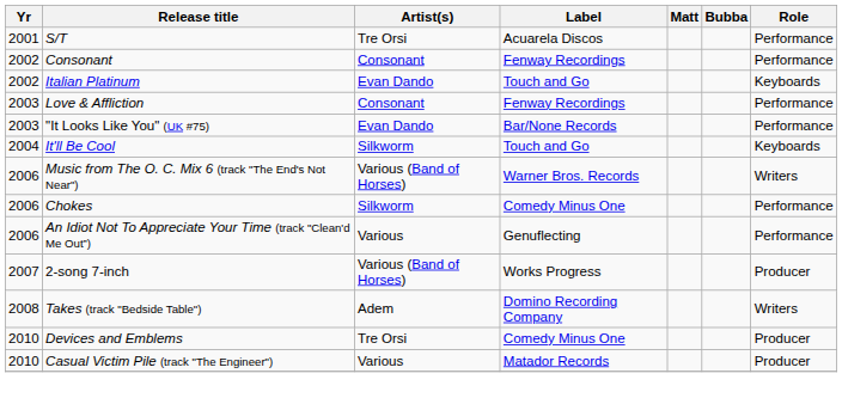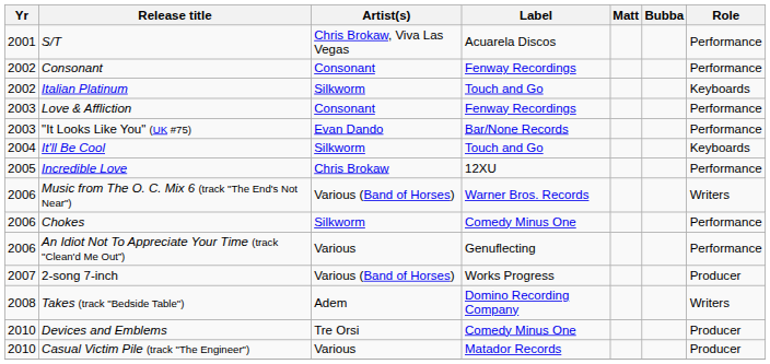 <table class="wikitable sortable" style="text-align:left;font-size:90%;">
 <tr>
 <th style="width:2em;">Yr</th>
 <th>Release title</th>
 <th>Artist(s)</th>
 <th>Label</th>
 <th>Matt</th>
 <th>Bubba</th>
 <th>Role</th>
 </tr>
 <tr>
 <td>2001</td>
 <td><em> S/T</em></td>
-<td>Tre Orsi</td>
+<td><a href='#'>Chris Brokaw</a>, Viva Las Vegas</td>
 <td>Acuarela Discos</td>
 <td></td>
 <td></td>
 <td>Performance</td>
 </tr>
 <tr>
 <td>2002</td>
 <td><em> Consonant</em></td>
 <td><a href='#'>Consonant</a></td>
 <td><a href='#'>Fenway Recordings</a></td>
 <td></td>
 <td></td>
 <td>Performance</td>
 </tr>
 <tr>
 <td>2002</td>
 <td><em> <a href='#'>Italian Platinum</a></em></td>
-<td><a href='#'>Evan Dando</a></td>
+<td><a href='#'>Silkworm</a></td>
 <td><a href='#'>Touch and Go</a></td>
 <td></td>
 <td></td>
 <td>Keyboards</td>
 </tr>
 <tr>
 <td>2003</td>
 <td><em>  Love & Affliction</em></td>
 <td><a href='#'>Consonant</a></td>
 <td><a href='#'>Fenway Recordings</a></td>
 <td></td>
 <td></td>
 <td>Performance</td>
 </tr>
 <tr>
 <td>2003</td>
 <td>"It Looks Like You" <small>(<a href='#'>UK</a> #75)</small></td>
 <td><a href='#'>Evan Dando</a></td>
 <td><a href='#'>Bar/None Records</a></td>
 <td></td>
 <td></td>
 <td>Performance</td>
 </tr>
 <tr>
 <td>2004</td>
 <td><em> <a href='#'>It'll Be Cool</a></em></td>
 <td><a href='#'>Silkworm</a></td>
 <td><a href='#'>Touch and Go</a></td>
 <td></td>
 <td></td>
 <td>Keyboards</td>
+</tr>
+<tr>
+<td>2005</td>
+<td><em> <a href='#'>Incredible Love</a></em></td>
+<td><a href='#'>Chris Brokaw</a></td>
+<td>12XU</td>
+<td></td>
+<td></td>
+<td>Performance</td>
 </tr>
 <tr>
 <td>2006</td>
 <td><em>Music from The O. C. Mix 6</em> <small>(track "The End's Not Near")</small></td>
 <td>Various (<a href='#'>Band of Horses</a>)</td>
 <td><a href='#'>Warner Bros. Records</a></td>
 <td></td>
 <td></td>
 <td>Writers</td>
 </tr>
 <tr>
 <td>2006</td>
 <td><em>   Chokes</em></td>
 <td><a href='#'>Silkworm</a></td>
 <td><a href='#'>Comedy Minus One</a></td>
 <td></td>
 <td></td>
 <td>Performance</td>
 </tr>
 <tr>
 <td>2006</td>
 <td><em>An Idiot Not To Appreciate Your Time</em> <small>(track "Clean'd Me Out”)</small></td>
 <td>Various</td>
 <td>Genuflecting</td>
 <td></td>
 <td></td>
 <td>Performance</td>
 </tr>
 <tr>
 <td>2007</td>
 <td>2-song 7-inch</td>
 <td>Various (<a href='#'>Band of Horses</a>)</td>
 <td>Works Progress</td>
 <td></td>
 <td></td>
 <td>Producer</td>
 </tr>
 <tr>
 <td>2008</td>
 <td><em>Takes</em> <small>(track "Bedside Table")</small></td>
 <td>Adem</td>
 <td><a href='#'>Domino Recording Company</a></td>
 <td></td>
 <td></td>
 <td>Writers</td>
 </tr>
 <tr>
 <td>2010</td>
 <td><em>Devices and Emblems</em></td>
 <td>Tre Orsi</td>
 <td><a href='#'>Comedy Minus One</a></td>
 <td></td>
 <td></td>
 <td>Producer</td>
 </tr>
 <tr>
 <td>2010</td>
 <td><em> Casual Victim Pile</em> <small>(track "The Engineer")</small></td>
 <td>Various</td>
 <td><a href='#'>Matador Records</a></td>
 <td></td>
 <td></td>
 <td>Producer</td>
 </tr>
 <tr>
 </tr>
 </table>
